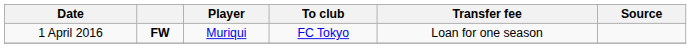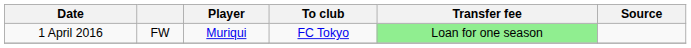 <table class="wikitable sortable" style="width:60%; text-align:center; font-size:85%; text-align:centre;">
 <tr>
 <th>Date</th>
 <th></th>
 <th>Player</th>
 <th>To club</th>
 <th>Transfer fee</th>
 <th>Source</th>
 </tr>
 <tr>
 <td>1 April 2016</td>
-<td><strong>FW</strong></td>
+<td>FW</td>
 <td> <a href='#'>Muriqui</a></td>
 <td> <a href='#'>FC Tokyo</a></td>
-<td>Loan for one season</td>
+<td style="background: lightgreen;">Loan for one season</td>
 <td></td>
 </tr>
 <tr>
 </tr>
 </table>
